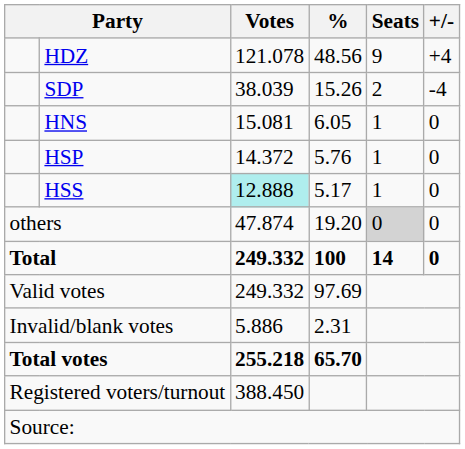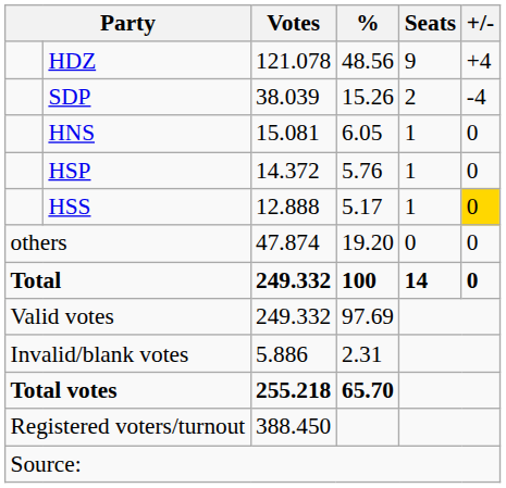 <table class="wikitable" style="text-align: left;">
 <tr>
 <th colspan="2">Party</th>
 <th>Votes</th>
 <th>%</th>
 <th>Seats</th>
 <th>+/-</th>
 </tr>
 <tr>
 <td style="background-color: "></td>
 <td><a href='#'>HDZ</a></td>
 <td>121.078</td>
 <td>48.56</td>
 <td>9</td>
 <td>+4</td>
 </tr>
 <tr>
 <td style="background-color: "></td>
 <td><a href='#'>SDP</a></td>
 <td>38.039</td>
 <td>15.26</td>
 <td>2</td>
 <td>-4</td>
 </tr>
 <tr>
 <td style="background-color: "></td>
 <td><a href='#'>HNS</a></td>
 <td>15.081</td>
 <td>6.05</td>
 <td>1</td>
 <td>0</td>
 </tr>
 <tr>
 <td style="background-color: "></td>
 <td><a href='#'>HSP</a></td>
 <td>14.372</td>
 <td>5.76</td>
 <td>1</td>
 <td>0</td>
 </tr>
 <tr>
 <td style="background-color: "></td>
 <td><a href='#'>HSS</a></td>
-<td style="background: paleturquoise;">12.888</td>
+<td>12.888</td>
 <td>5.17</td>
 <td>1</td>
-<td>0</td>
+<td style="background: gold;">0</td>
 </tr>
 <tr>
 <td colspan="2">others</td>
 <td>47.874</td>
 <td>19.20</td>
-<td style="background: lightgrey;">0</td>
+<td>0</td>
 <td>0</td>
 </tr>
 <tr>
 <td colspan="2"><strong>Total</strong></td>
 <td><strong>249.332</strong></td>
 <td><strong>100</strong></td>
 <td><strong>14</strong></td>
 <td><strong>0</strong></td>
 </tr>
 <tr>
 <td colspan="2">Valid votes</td>
 <td>249.332</td>
 <td>97.69</td>
 <td colspan="2"></td>
 </tr>
 <tr>
 <td colspan="2">Invalid/blank votes</td>
 <td>5.886</td>
 <td>2.31</td>
 <td colspan="2"></td>
 </tr>
 <tr>
 <td colspan="2"><strong>Total votes</strong></td>
 <td><strong>255.218</strong></td>
 <td><strong>65.70</strong></td>
 <td colspan="2"></td>
 </tr>
 <tr>
 <td colspan="2">Registered voters/turnout</td>
 <td votes14="5343">388.450</td>
 <td></td>
 <td colspan="2"></td>
 </tr>
 <tr>
 <td colspan="6">Source: </td>
 </tr>
 </table>
